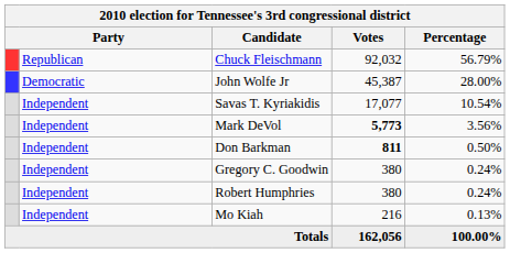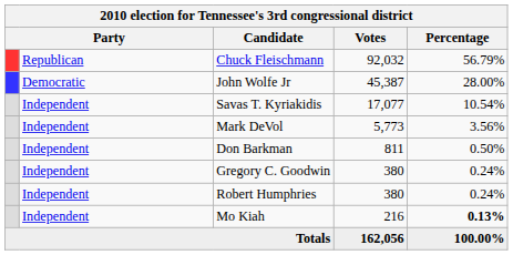 <table class="wikitable" style="font-size: 95%;">
 <tr>
 <th colspan="7">2010 election for Tennessee's 3rd congressional district</th>
 </tr>
 <tr>
 <th colspan=2 style="width: 15em">Party</th>
 <th>Candidate</th>
 <th style="width: 5em">Votes</th>
 <th style="width: 7em">Percentage</th>
 </tr>
 <tr>
 <th style="background-color:#FF3333; width: 3px"></th>
 <td style="width: 130px"><a href='#'>Republican</a></td>
 <td><a href='#'>Chuck Fleischmann</a></td>
 <td align="right">92,032</td>
 <td align="right">56.79%</td>
 </tr>
 <tr>
 <th style="background-color:#3333FF; width: 3px"></th>
 <td style="width: 130px"><a href='#'>Democratic</a></td>
 <td>John Wolfe Jr</td>
 <td align="right">45,387</td>
 <td align="right">28.00%</td>
 </tr>
 <tr>
 <th style="background-color:#DDDDDD; width: 3px"></th>
 <td style="width: 130px"><a href='#'>Independent</a></td>
 <td>Savas T. Kyriakidis</td>
 <td align="right">17,077</td>
 <td align="right">10.54%</td>
 </tr>
 <tr>
 <th style="background-color:#DDDDDD; width: 3px"></th>
 <td style="width: 130px"><a href='#'>Independent</a></td>
 <td>Mark DeVol</td>
-<td align="right"><strong>5,773</strong></td>
+<td align="right">5,773</td>
 <td align="right">3.56%</td>
 </tr>
 <tr>
 <th style="background-color:#DDDDDD; width: 3px"></th>
 <td style="width: 130px"><a href='#'>Independent</a></td>
 <td>Don Barkman</td>
-<td align="right"><strong>811</strong></td>
+<td align="right">811</td>
 <td align="right">0.50%</td>
 </tr>
 <tr>
 <th style="background-color:#DDDDDD; width: 3px"></th>
 <td style="width: 130px"><a href='#'>Independent</a></td>
 <td>Gregory C. Goodwin</td>
 <td align="right">380</td>
 <td align="right">0.24%</td>
 </tr>
 <tr>
 <th style="background-color:#DDDDDD; width: 3px"></th>
 <td style="width: 130px"><a href='#'>Independent</a></td>
 <td>Robert Humphries</td>
 <td align="right">380</td>
 <td align="right">0.24%</td>
 </tr>
 <tr>
 <th style="background-color:#DDDDDD; width: 3px"></th>
 <td style="width: 130px"><a href='#'>Independent</a></td>
 <td>Mo Kiah</td>
 <td align="right">216</td>
-<td align="right">0.13%</td>
+<td align="right"><strong>0.13%</strong></td>
 </tr>
 <tr bgcolor="#EEEEEE">
 <td colspan="3" align="right"><strong>Totals</strong></td>
 <td align="right"><strong>162,056</strong></td>
 <td align="right"><strong>100.00%</strong></td>
 </tr>
 </table>
